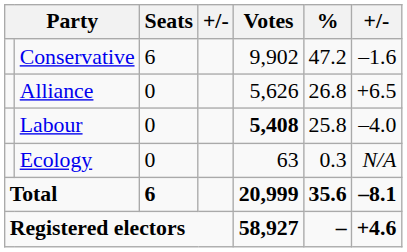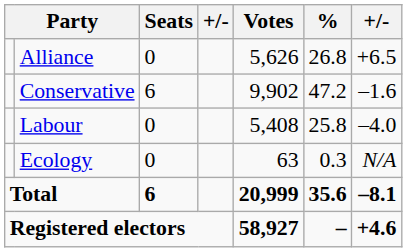 <table class="wikitable sortable">
 <tr>
 <th colspan="2">Party</th>
 <th>Seats</th>
 <th>+/-</th>
 <th>Votes</th>
 <th>%</th>
 <th>+/-</th>
+</tr>
+<tr>
+<td style="background-color: "></td>
+<td><a href='#'>Alliance</a></td>
+<td>0</td>
+<td></td>
+<td style="text-align:right;">5,626</td>
+<td style="text-align:right;">26.8</td>
+<td style="text-align:right;">+6.5</td>
 </tr>
 <tr>
 <td style="background-color: "></td>
 <td><a href='#'>Conservative</a></td>
 <td>6</td>
 <td></td>
 <td style="text-align:right;">9,902</td>
 <td style="text-align:right;">47.2</td>
 <td style="text-align:right;">–1.6</td>
 </tr>
 <tr>
 <td style="background-color: "></td>
-<td><a href='#'>Alliance</a></td>
-<td>0</td>
-<td></td>
-<td style="text-align:right;">5,626</td>
-<td style="text-align:right;">26.8</td>
-<td style="text-align:right;">+6.5</td>
-</tr>
-<tr>
-<td style="background-color: "></td>
 <td><a href='#'>Labour</a></td>
 <td>0</td>
 <td></td>
-<td style="text-align:right;"><strong>5,408</strong></td>
+<td style="text-align:right;">5,408</td>
 <td style="text-align:right;">25.8</td>
 <td style="text-align:right;">–4.0</td>
 </tr>
 <tr>
 <td style="background-color: "></td>
 <td><a href='#'>Ecology</a></td>
 <td>0</td>
 <td></td>
 <td style="text-align:right;">63</td>
 <td style="text-align:right;">0.3</td>
 <td style="text-align:right;"><em>N/A</em></td>
 </tr>
 <tr>
 <td colspan="2"><strong>Total</strong></td>
 <td><strong>6</strong></td>
 <td></td>
 <td style="text-align:right;"><strong>20,999</strong></td>
 <td style="text-align:right;"><strong>35.6</strong></td>
 <td style="text-align:right;"><strong>–8.1</strong></td>
 </tr>
 <tr>
 <td colspan="4"><strong>Registered electors</strong></td>
 <td style="text-align:right;"><strong>58,927</strong></td>
 <td style="text-align:right;"><strong>–</strong></td>
 <td style="text-align:right;"><strong>+4.6</strong></td>
 </tr>
 </table>
